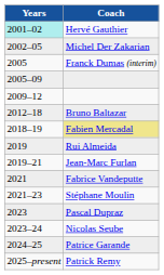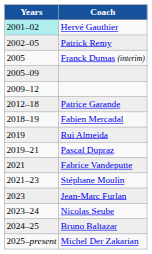 <table class="wikitable" style="font-size:95%; float:left; margin-right:1em;">
 <tr>
 <th style="color:#ffffff; background:#16529c;">Years</th>
 <th style="color:#ffffff; background:#16529c;">Coach</th>
 </tr>
 <tr>
 <td style="background: paleturquoise;">2001–02</td>
 <td><a href='#'>Hervé Gauthier</a></td>
 </tr>
 <tr style="background:#EEE">
 <td>2002–05</td>
-<td><a href='#'>Michel Der Zakarian</a></td>
+<td><a href='#'>Patrick Remy</a></td>
 </tr>
 <tr>
 <td>2005</td>
 <td><a href='#'>Franck Dumas</a> <small><em>(interim)</em></small></td>
 </tr>
 <tr style="background:#EEE">
 <td>2005–09</td>
 <td></td>
 </tr>
 <tr>
 <td>2009–12</td>
 <td></td>
 </tr>
 <tr style="background:#EEE">
 <td>2012–18</td>
-<td><a href='#'>Bruno Baltazar</a></td>
+<td><a href='#'>Patrice Garande</a></td>
 </tr>
 <tr>
 <td>2018–19</td>
-<td style="background: khaki;"><a href='#'>Fabien Mercadal</a></td>
+<td><a href='#'>Fabien Mercadal</a></td>
 </tr>
 <tr style="background:#EEE">
 <td>2019</td>
 <td><a href='#'>Rui Almeida</a></td>
 </tr>
 <tr>
 <td>2019–21</td>
-<td><a href='#'>Jean-Marc Furlan</a></td>
+<td><a href='#'>Pascal Dupraz</a></td>
 </tr>
 <tr style="background:#EEE">
 <td>2021</td>
 <td><a href='#'>Fabrice Vandeputte</a></td>
 </tr>
 <tr>
 <td>2021–23</td>
 <td><a href='#'>Stéphane Moulin</a></td>
 </tr>
 <tr style="background:#EEE">
 <td>2023</td>
-<td><a href='#'>Pascal Dupraz</a></td>
+<td><a href='#'>Jean-Marc Furlan</a></td>
 </tr>
 <tr>
 <td>2023–24</td>
 <td><a href='#'>Nicolas Seube</a></td>
 </tr>
 <tr style="background:#EEE">
 <td>2024–25</td>
-<td><a href='#'>Patrice Garande</a></td>
+<td><a href='#'>Bruno Baltazar</a></td>
 </tr>
 <tr>
 <td>2025–<em>present</em></td>
-<td><a href='#'>Patrick Remy</a></td>
+<td><a href='#'>Michel Der Zakarian</a></td>
 </tr>
 </table>
